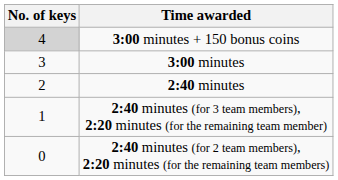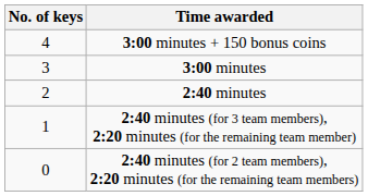 <table class="wikitable" style="text-align:center;">
 <tr>
 <th>No. of keys</th>
 <th>Time awarded</th>
 </tr>
 <tr>
-<td style="background: lightgrey;">4</td>
+<td>4</td>
 <td><strong>3:00</strong> minutes + 150 bonus coins</td>
 </tr>
 <tr>
 <td>3</td>
 <td><strong>3:00</strong> minutes</td>
 </tr>
 <tr>
 <td>2</td>
 <td><strong>2:40</strong> minutes</td>
 </tr>
 <tr>
 <td>1</td>
 <td><strong>2:40</strong> minutes <small>(for 3 team members)</small>,<br> <strong>2:20</strong> minutes <small>(for the remaining team member)</small></td>
 </tr>
 <tr>
 <td>0</td>
 <td><strong>2:40</strong> minutes <small>(for 2 team members)</small>,<br> <strong>2:20</strong> minutes <small>(for the remaining team members)</small></td>
 </tr>
 </table>
